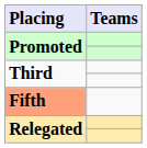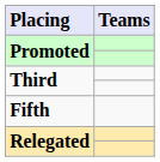 <table class=wikitable>
 <tr>
 </tr>
 <tr style="background: #E6E6FA;">
 <td><strong>Placing</strong></td>
 <td><strong>Teams</strong></td>
 </tr>
 <tr style="background: #ccffcc;">
 <td rowspan="2"><strong>Promoted</strong></td>
 <td></td>
 </tr>
 <tr style="background: #ccffcc;">
 <td><strong></strong></td>
 </tr>
 <tr>
 <td rowspan="2"><strong>Third</strong></td>
 <td></td>
 </tr>
 <tr>
 <td></td>
 </tr>
 <tr>
-<td style="background: lightsalmon;"><strong>Fifth</strong></td>
+<td><strong>Fifth</strong></td>
 <td></td>
 </tr>
 <tr style="background: #ffebad;">
 <td rowspan="2"><strong>Relegated</strong></td>
 <td></td>
 </tr>
 <tr style="background: #ffebad;">
 <td></td>
 </tr>
 </table>
